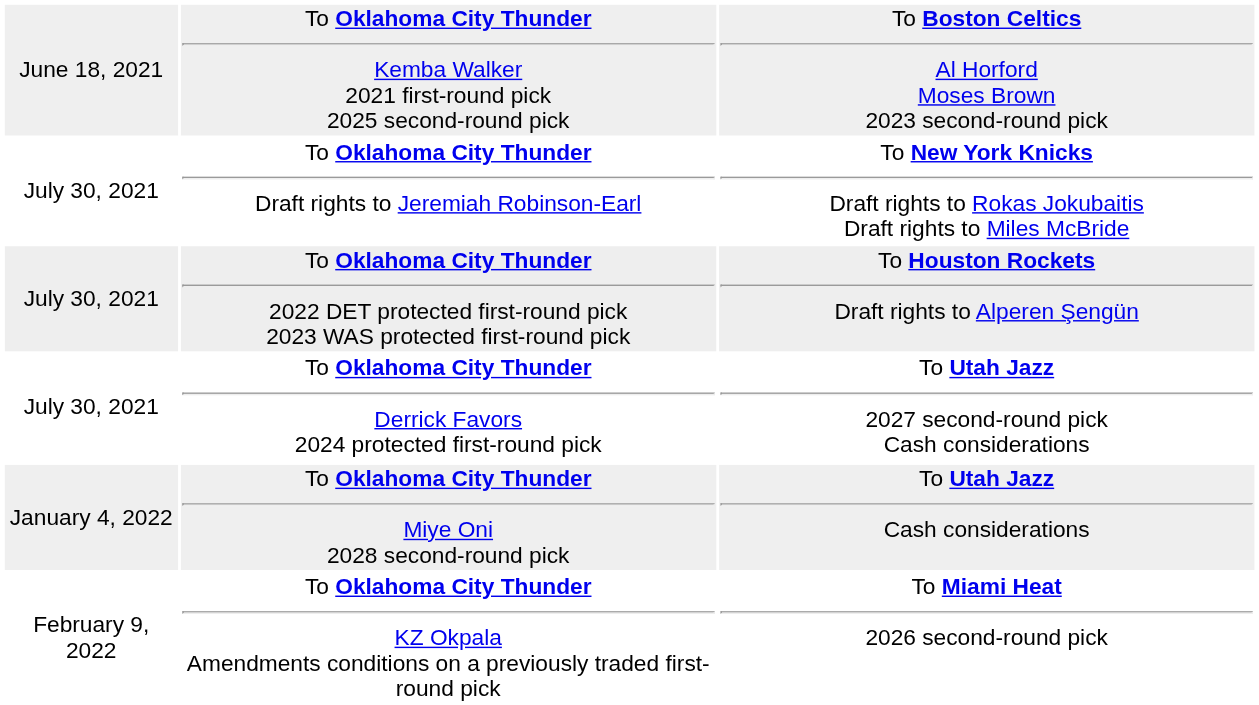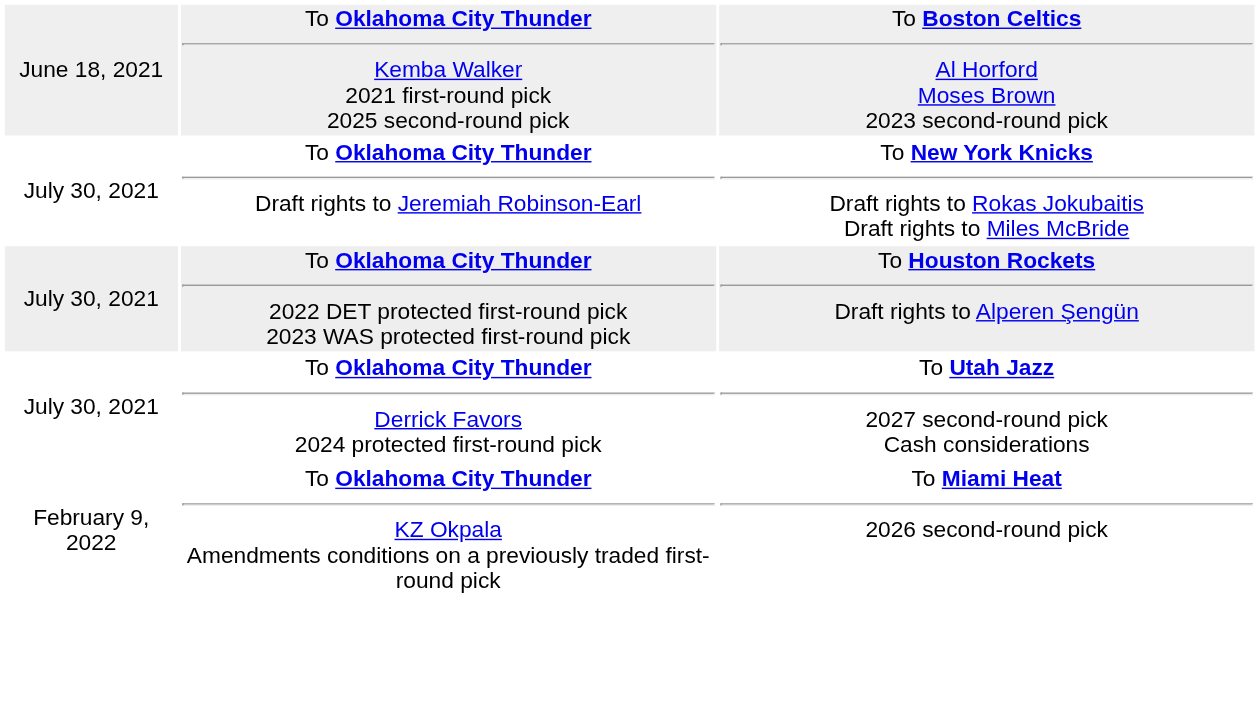 <table style="text-align: center">
 <tr style="background:#eeee">
 <td style="width:10%">June 18, 2021</td>
 <td style="width:31%; vertical-align:top;">To <strong><a href='#'>Oklahoma City Thunder</a></strong><hr><a href='#'>Kemba Walker</a><br>2021 first-round pick<br>2025 second-round pick</td>
 <td style="width:31%; vertical-align:top;">To <strong><a href='#'>Boston Celtics</a></strong><hr><a href='#'>Al Horford</a><br><a href='#'>Moses Brown</a><br>2023 second-round pick</td>
 </tr>
 <tr>
 <td style="width:10%">July 30, 2021</td>
 <td style="width:31%; vertical-align:top;">To <strong><a href='#'>Oklahoma City Thunder</a></strong><hr>Draft rights to <a href='#'>Jeremiah Robinson-Earl</a></td>
 <td style="width:31%; vertical-align:top;">To <strong><a href='#'>New York Knicks</a></strong><hr>Draft rights to <a href='#'>Rokas Jokubaitis</a><br>Draft rights to <a href='#'>Miles McBride</a></td>
 </tr>
 <tr style="background:#eee;">
 <td style="width:10%">July 30, 2021</td>
 <td style="width:31%; vertical-align:top;">To <strong><a href='#'>Oklahoma City Thunder</a></strong><hr>2022 DET protected first-round pick<br>2023 WAS protected first-round pick</td>
 <td style="width:31%; vertical-align:top;">To <strong><a href='#'>Houston Rockets</a></strong><hr>Draft rights to <a href='#'>Alperen Şengün</a></td>
 </tr>
 <tr>
 <td style="width:10%">July 30, 2021</td>
 <td style="width:31%; vertical-align:top;">To <strong><a href='#'>Oklahoma City Thunder</a></strong><hr><a href='#'>Derrick Favors</a><br>2024 protected first-round pick</td>
 <td style="width:31%; vertical-align:top;">To <strong><a href='#'>Utah Jazz</a></strong><hr>2027 second-round pick<br>Cash considerations</td>
 </tr>
 <tr>
 </tr>
-<tr style="background:#eeee">
-<td style="width:10%">January 4, 2022</td>
-<td style="width:31%; vertical-align:top;">To <strong><a href='#'>Oklahoma City Thunder</a></strong><hr><a href='#'>Miye Oni</a><br>2028 second-round pick</td>
-<td style="width:31%; vertical-align:top;">To <strong><a href='#'>Utah Jazz</a></strong><hr>Cash considerations</td>
-</tr>
 <tr>
 <td style="width:10%">February 9, 2022</td>
 <td style="width:31%; vertical-align:top;">To <strong><a href='#'>Oklahoma City Thunder</a></strong><hr><a href='#'>KZ Okpala</a><br>Amendments conditions on a previously traded first-round pick</td>
 <td style="width:31%; vertical-align:top;">To <strong><a href='#'>Miami Heat</a></strong><hr>2026 second-round pick</td>
 </tr>
 </table>
